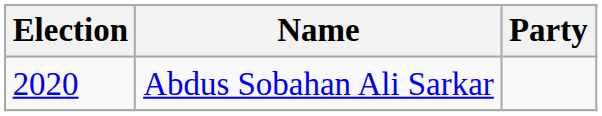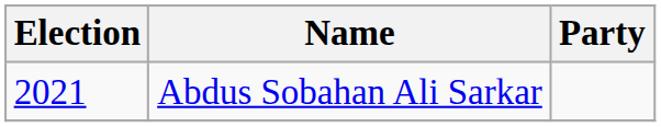 <table class="wikitable sortable">
 <tr>
 <th>Election</th>
 <th>Name</th>
 <th colspan="2">Party</th>
 </tr>
 <tr>
-<td><a href='#'>2020</a></td>
+<td><a href='#'>2021</a></td>
 <td><a href='#'>Abdus Sobahan Ali Sarkar</a></td>
 <td></td>
 </tr>
 <tr>
 </tr>
 </table>
